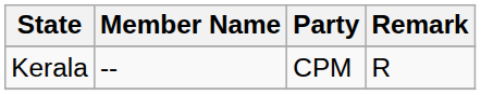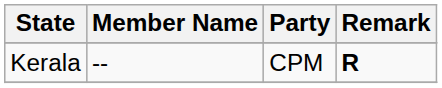 <table class="wikitable sortable">
 <tr>
 <th>State</th>
 <th>Member Name</th>
 <th>Party</th>
 <th>Remark</th>
 </tr>
 <tr>
 </tr>
 <tr>
 <td>Kerala</td>
 <td>--</td>
 <td>CPM</td>
-<td>R</td>
+<td><strong>R</strong></td>
 </tr>
 <tr>
 </tr>
 <tr>
 </tr>
 </table>
